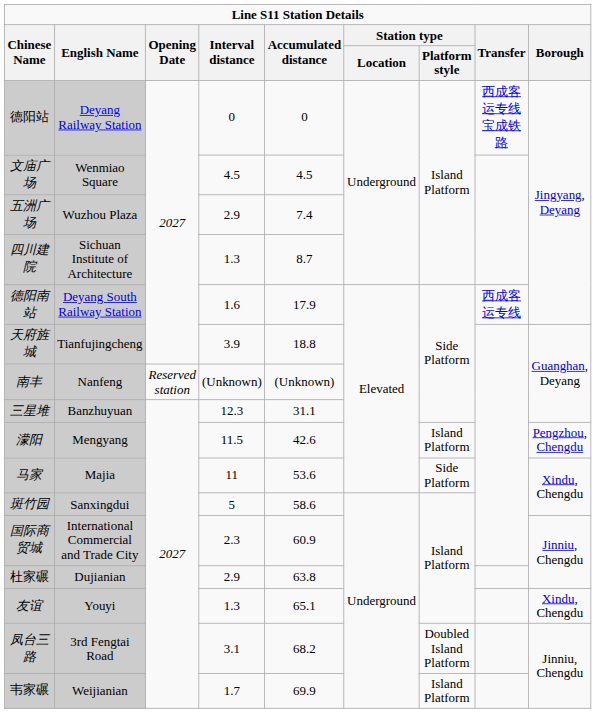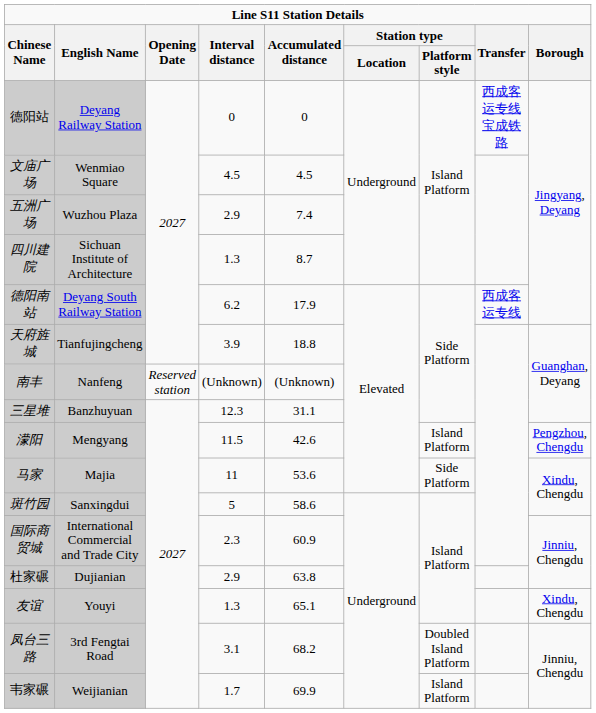 <table class="wikitable" style="width:100%; text-align: center;">
 <tr>
 <td align=center colspan=9><b> Line S11 Station Details </b></td>
 </tr>
 <tr>
 <th rowspan="2" width="10%">Chinese Name</th>
 <th rowspan="2" width="16%">English Name</th>
 <th rowspan="2" width="12%">Opening Date</th>
 <th rowspan="2" width="8%">Interval distance<br></th>
 <th rowspan="2" width="8%">Accumulated distance<br></th>
 <th colspan="2" width="16%">Station type</th>
 <th rowspan="2" width="16%">Transfer</th>
 <th rowspan="2" width="8%">Borough</th>
 </tr>
 <tr>
 <th width="6%">Location</th>
 <th width="10%">Platform style</th>
 </tr>
 <tr>
 <td style="background-color:#CCC">德阳站</td>
 <td style="background-color:#CCC"><a href='#'>Deyang Railway Station</a></td>
 <td rowspan="6"><em>2027</em></td>
 <td>0</td>
 <td>0</td>
 <td rowspan="4">Underground</td>
 <td rowspan="4">Island Platform</td>
 <td> <a href='#'>西成客运专线</a><br> <a href='#'>宝成铁路</a></td>
 <td rowspan="5"><a href='#'>Jingyang</a>, <a href='#'>Deyang</a></td>
 </tr>
 <tr>
 <td style="background-color:#CCC"><em>文庙广场</em></td>
 <td style="background-color:#CCC">Wenmiao Square</td>
 <td>4.5</td>
 <td>4.5</td>
 <td rowspan="3"></td>
 </tr>
 <tr>
 <td style="background-color:#CCC"><em>五洲广场</em></td>
 <td style="background-color:#CCC">Wuzhou Plaza</td>
 <td>2.9</td>
 <td>7.4</td>
 </tr>
 <tr>
 <td style="background-color:#CCC"><em>四川建院</em></td>
 <td style="background-color:#CCC">Sichuan Institute of Architecture</td>
 <td>1.3</td>
 <td>8.7</td>
 </tr>
 <tr>
 <td style="background-color:#CCC"><em>德阳南站</em></td>
 <td style="background-color:#CCC"><a href='#'>Deyang South Railway Station</a></td>
-<td>1.6</td>
+<td>6.2</td>
 <td>17.9</td>
 <td rowspan="6">Elevated</td>
 <td rowspan="4">Side Platform</td>
 <td> <a href='#'>西成客运专线</a></td>
 </tr>
 <tr>
 <td style="background-color:#CCC"><em>天府旌城</em></td>
 <td style="background-color:#CCC">Tianfujingcheng</td>
 <td>3.9</td>
 <td>18.8</td>
 <td rowspan="7"></td>
 <td rowspan="3"><a href='#'>Guanghan</a>, Deyang</td>
 </tr>
 <tr>
 <td style="background-color:#CCC"><em>南丰</em></td>
 <td style="background-color:#CCC">Nanfeng</td>
 <td><em>Reserved station</em></td>
 <td>(Unknown)</td>
 <td>(Unknown)</td>
 </tr>
 <tr>
 <td style="background-color:#CCC"><em>三星堆</em></td>
 <td style="background-color:#CCC">Banzhuyuan</td>
 <td rowspan="9"><em>2027</em></td>
 <td>12.3</td>
 <td>31.1</td>
 </tr>
 <tr>
 <td style="background-color:#CCC"><em>濛阳</em></td>
 <td style="background-color:#CCC">Mengyang</td>
 <td>11.5</td>
 <td>42.6</td>
 <td>Island Platform</td>
 <td><a href='#'>Pengzhou</a>, <a href='#'>Chengdu</a></td>
 </tr>
 <tr>
 <td style="background-color:#CCC"><em>马家</em></td>
 <td style="background-color:#CCC">Majia</td>
 <td>11</td>
 <td>53.6</td>
 <td>Side Platform</td>
 <td rowspan="2"><a href='#'>Xindu</a>, Chengdu</td>
 </tr>
 <tr>
 <td style="background-color:#CCC"><em>斑竹园</em></td>
 <td style="background-color:#CCC">Sanxingdui</td>
 <td>5</td>
 <td>58.6</td>
 <td rowspan="6">Underground</td>
 <td rowspan="4">Island Platform</td>
 </tr>
 <tr>
 <td style="background-color:#CCC"><em>国际商贸城</em></td>
 <td style="background-color:#CCC">International Commercial and Trade City</td>
 <td>2.3</td>
 <td>60.9</td>
 <td rowspan="2"><a href='#'>Jinniu</a>, Chengdu</td>
 </tr>
 <tr>
 <td style="background-color:#CCC">杜家碾</td>
 <td style="background-color:#CCC">Dujianian</td>
 <td>2.9</td>
 <td>63.8</td>
 <td></td>
 </tr>
 <tr>
 <td style="background-color:#CCC"><em>友谊</em></td>
 <td style="background-color:#CCC">Youyi</td>
 <td>1.3</td>
 <td>65.1</td>
 <td></td>
 <td><a href='#'>Xindu</a>, Chengdu</td>
 </tr>
 <tr>
 <td style="background-color:#CCC"><em>凤台三路</em></td>
 <td style="background-color:#CCC">3rd Fengtai Road</td>
 <td>3.1</td>
 <td>68.2</td>
 <td>Doubled Island Platform</td>
 <td>    </td>
 <td rowspan="2">Jinniu, Chengdu</td>
 </tr>
 <tr>
 <td style="background-color:#CCC">韦家碾</td>
 <td style="background-color:#CCC">Weijianian</td>
 <td>1.7</td>
 <td>69.9</td>
 <td>Island Platform</td>
 <td> </td>
 </tr>
 </table>
